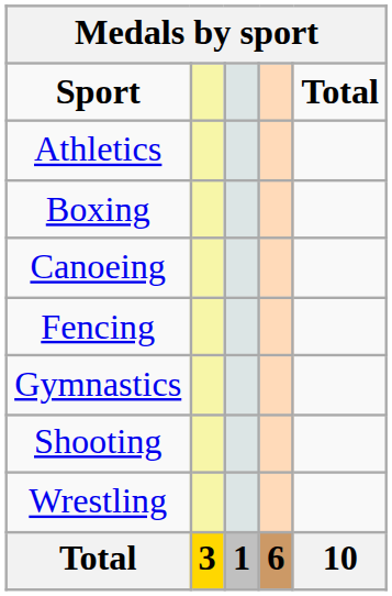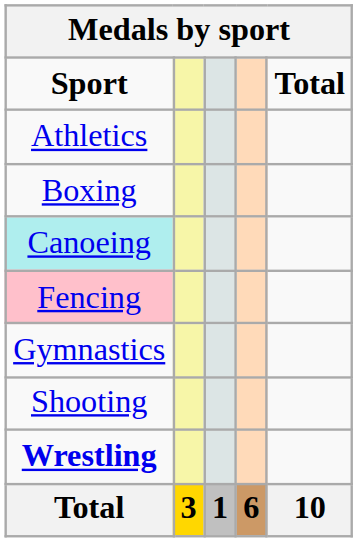 <table class="wikitable" style="font-size:85%; float: right;">
 <tr style="background:#efefef;">
 <th colspan=5><strong>Medals by sport</strong></th>
 </tr>
 <tr align=center>
 <td><strong>Sport</strong></td>
 <td bgcolor=#f7f6a8></td>
 <td bgcolor=#dce5e5></td>
 <td bgcolor=#ffdab9></td>
 <td><strong>Total</strong></td>
 </tr>
 <tr align=center>
 <td><a href='#'>Athletics</a></td>
 <td style="background:#F7F6A8;"></td>
 <td style="background:#DCE5E5;"></td>
 <td style="background:#FFDAB9;"></td>
 <td></td>
 </tr>
 <tr align=center>
 <td><a href='#'>Boxing</a></td>
 <td style="background:#F7F6A8;"></td>
 <td style="background:#DCE5E5;"></td>
 <td style="background:#FFDAB9;"></td>
 <td></td>
 </tr>
 <tr align=center>
-<td><a href='#'>Canoeing</a></td>
+<td style="background: paleturquoise;"><a href='#'>Canoeing</a></td>
 <td style="background:#F7F6A8;"></td>
 <td style="background:#DCE5E5;"></td>
 <td style="background:#FFDAB9;"></td>
 <td></td>
 </tr>
 <tr align=center>
-<td><a href='#'>Fencing</a></td>
+<td style="background: pink;"><a href='#'>Fencing</a></td>
 <td style="background:#F7F6A8;"></td>
 <td style="background:#DCE5E5;"></td>
 <td style="background:#FFDAB9;"></td>
 <td></td>
 </tr>
 <tr align=center>
 <td><a href='#'>Gymnastics</a></td>
 <td style="background:#F7F6A8;"></td>
 <td style="background:#DCE5E5;"></td>
 <td style="background:#FFDAB9;"></td>
 <td></td>
 </tr>
 <tr align=center>
 <td><a href='#'>Shooting</a></td>
 <td style="background:#F7F6A8;"></td>
 <td style="background:#DCE5E5;"></td>
 <td style="background:#FFDAB9;"></td>
 <td></td>
 </tr>
 <tr align=center>
-<td><a href='#'>Wrestling</a></td>
+<td><strong><a href='#'>Wrestling</a></strong></td>
 <td style="background:#F7F6A8;"></td>
 <td style="background:#DCE5E5;"></td>
 <td style="background:#FFDAB9;"></td>
 <td></td>
 </tr>
 <tr align=center>
 <th><strong>Total</strong></th>
 <th style="background:gold;"><strong>3</strong></th>
 <th style="background:silver;"><strong>1</strong></th>
 <th style="background:#c96;"><strong>6</strong></th>
 <th><strong>10</strong></th>
 </tr>
 </table>
